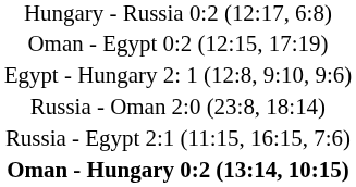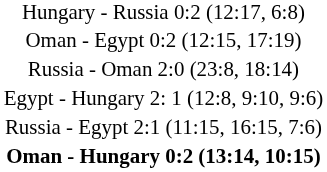 <table style="text-align:center">
 <tr>
 <th width=500></th>
 </tr>
 <tr>
 <td>Hungary - Russia 0:2 (12:17, 6:8)</td>
 </tr>
 <tr>
 <td>Oman - Egypt 0:2 (12:15, 17:19)</td>
 </tr>
 <tr>
-<td>Egypt - Hungary 2: 1 (12:8, 9:10, 9:6)</td>
+<td>Russia - Oman 2:0 (23:8, 18:14)</td>
 </tr>
 <tr>
-<td>Russia - Oman 2:0 (23:8, 18:14)</td>
+<td>Egypt - Hungary 2: 1 (12:8, 9:10, 9:6)</td>
 </tr>
 <tr>
 <td>Russia - Egypt 2:1 (11:15, 16:15, 7:6)</td>
 </tr>
 <tr>
 <td><strong>Oman - Hungary 0:2 (13:14, 10:15)</strong></td>
 </tr>
 <tr>
 </tr>
 </table>
